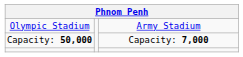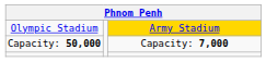 <table class="wikitable" style="text-align:center; margin:0.5em auto;">
 <tr>
 <th colspan=3><a href='#'>Phnom Penh</a></th>
 </tr>
 <tr>
 <td><a href='#'>Olympic Stadium</a></td>
 <td rowspan=3></td>
-<td width=200px><a href='#'>Army Stadium</a></td>
+<td width=200px style="background: gold;"><a href='#'>Army Stadium</a></td>
 </tr>
 <tr>
 <td>Capacity: <strong>50,000</strong></td>
 <td>Capacity: <strong>7,000</strong></td>
 </tr>
 <tr>
 <td></td>
 <td></td>
 </tr>
 </table>
